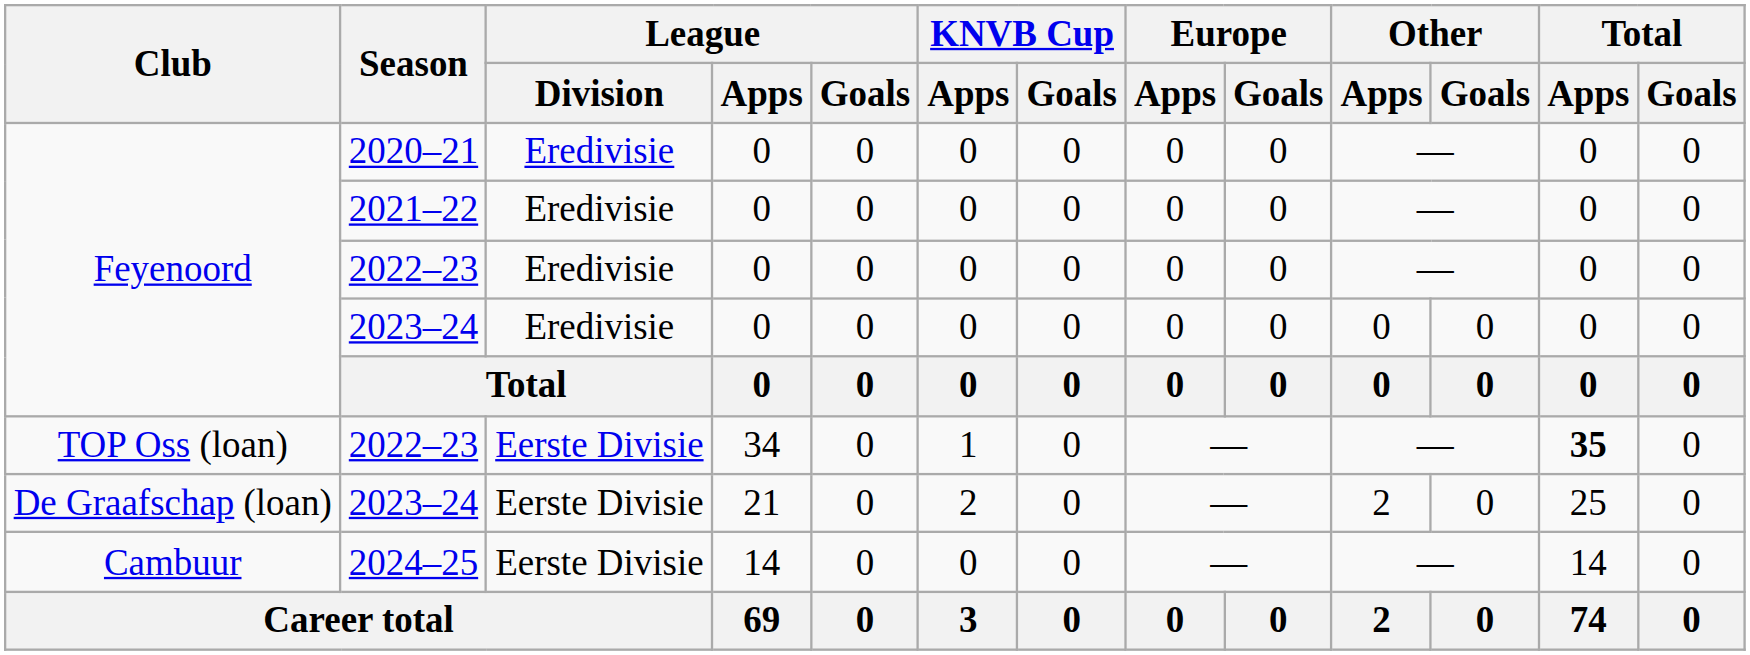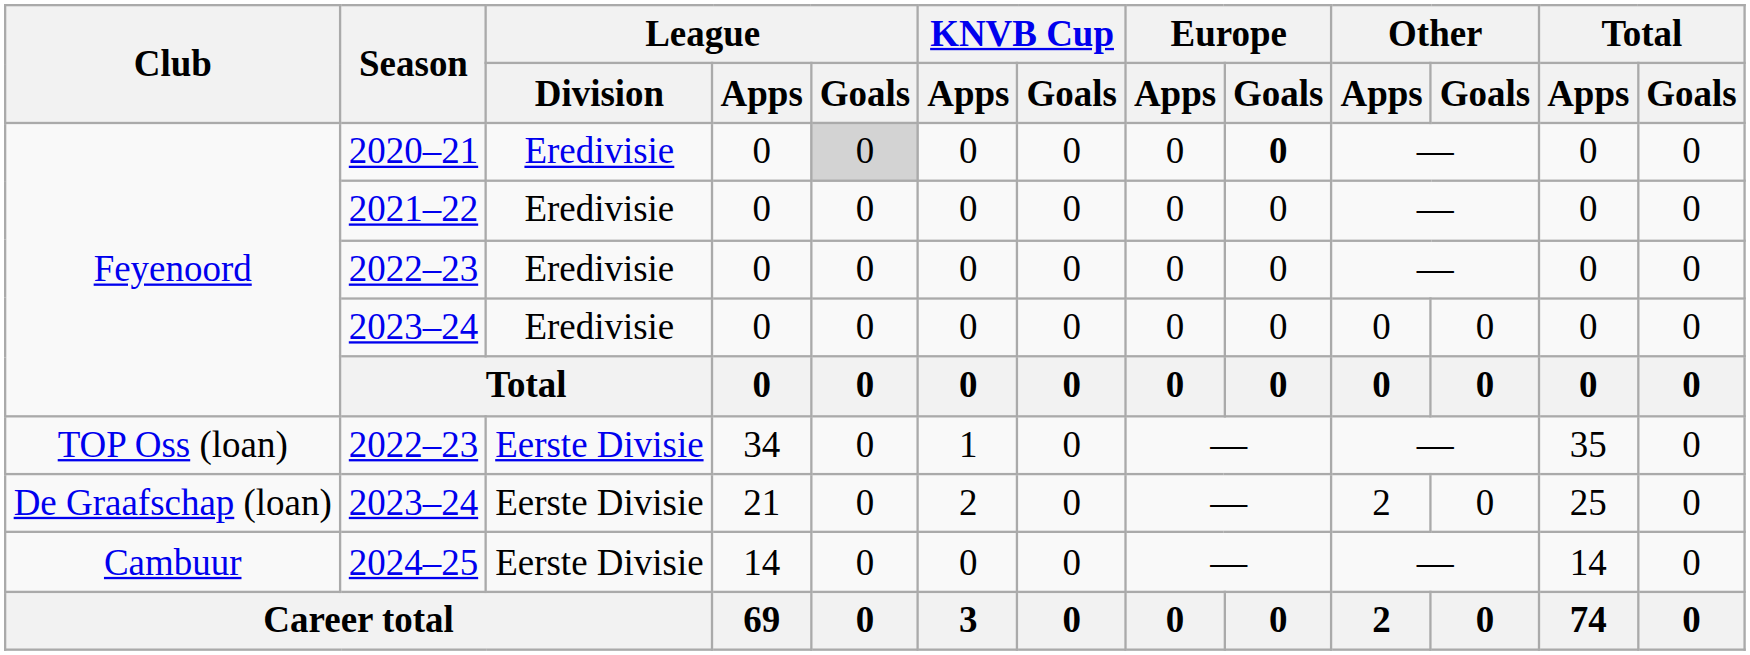 <table class="wikitable" style="text-align:center">
 <tr>
 <th rowspan="2">Club</th>
 <th rowspan="2">Season</th>
 <th colspan="3">League</th>
 <th colspan="2"><a href='#'>KNVB Cup</a></th>
 <th colspan="2">Europe</th>
 <th colspan="2">Other</th>
 <th colspan="2">Total</th>
 </tr>
 <tr>
 <th>Division</th>
 <th>Apps</th>
 <th>Goals</th>
 <th>Apps</th>
 <th>Goals</th>
 <th>Apps</th>
 <th>Goals</th>
 <th>Apps</th>
 <th>Goals</th>
 <th>Apps</th>
 <th>Goals</th>
 </tr>
 <tr>
 <td rowspan="5"><a href='#'>Feyenoord</a></td>
 <td><a href='#'>2020–21</a></td>
 <td><a href='#'>Eredivisie</a></td>
 <td>0</td>
+<td style="background: lightgrey;">0</td>
 <td>0</td>
 <td>0</td>
 <td>0</td>
-<td>0</td>
-<td>0</td>
+<td><strong>0</strong></td>
 <td colspan="2">—</td>
 <td>0</td>
 <td>0</td>
 </tr>
 <tr>
 <td><a href='#'>2021–22</a></td>
 <td>Eredivisie</td>
 <td>0</td>
 <td>0</td>
 <td>0</td>
 <td>0</td>
 <td>0</td>
 <td>0</td>
 <td colspan="2">—</td>
 <td>0</td>
 <td>0</td>
 </tr>
 <tr>
 <td><a href='#'>2022–23</a></td>
 <td>Eredivisie</td>
 <td>0</td>
 <td>0</td>
 <td>0</td>
 <td>0</td>
 <td>0</td>
 <td>0</td>
 <td colspan="2">—</td>
 <td>0</td>
 <td>0</td>
 </tr>
 <tr>
 <td><a href='#'>2023–24</a></td>
 <td>Eredivisie</td>
 <td>0</td>
 <td>0</td>
 <td>0</td>
 <td>0</td>
 <td>0</td>
 <td>0</td>
 <td>0</td>
 <td>0</td>
 <td>0</td>
 <td>0</td>
 </tr>
 <tr>
 <th colspan="2">Total</th>
 <th>0</th>
 <th>0</th>
 <th>0</th>
 <th>0</th>
 <th>0</th>
 <th>0</th>
 <th>0</th>
 <th>0</th>
 <th>0</th>
 <th>0</th>
 </tr>
 <tr>
 <td><a href='#'>TOP Oss</a> (loan)</td>
 <td><a href='#'>2022–23</a></td>
 <td><a href='#'>Eerste Divisie</a></td>
 <td>34</td>
 <td>0</td>
 <td>1</td>
 <td>0</td>
 <td colspan="2">—</td>
 <td colspan="2">—</td>
-<td><strong>35</strong></td>
+<td>35</td>
 <td>0</td>
 </tr>
 <tr>
 <td><a href='#'>De Graafschap</a> (loan)</td>
 <td><a href='#'>2023–24</a></td>
 <td>Eerste Divisie</td>
 <td>21</td>
 <td>0</td>
 <td>2</td>
 <td>0</td>
 <td colspan="2">—</td>
 <td>2</td>
 <td>0</td>
 <td>25</td>
 <td>0</td>
 </tr>
 <tr>
 <td rowspan="1"><a href='#'>Cambuur</a></td>
 <td><a href='#'>2024–25</a></td>
 <td>Eerste Divisie</td>
 <td>14</td>
 <td>0</td>
 <td>0</td>
 <td>0</td>
 <td colspan="2">—</td>
 <td colspan="2">—</td>
 <td>14</td>
 <td>0</td>
 </tr>
 <tr>
 <th colspan="3">Career total</th>
 <th>69</th>
 <th>0</th>
 <th>3</th>
 <th>0</th>
 <th>0</th>
 <th>0</th>
 <th>2</th>
 <th>0</th>
 <th>74</th>
 <th>0</th>
 </tr>
 </table>
